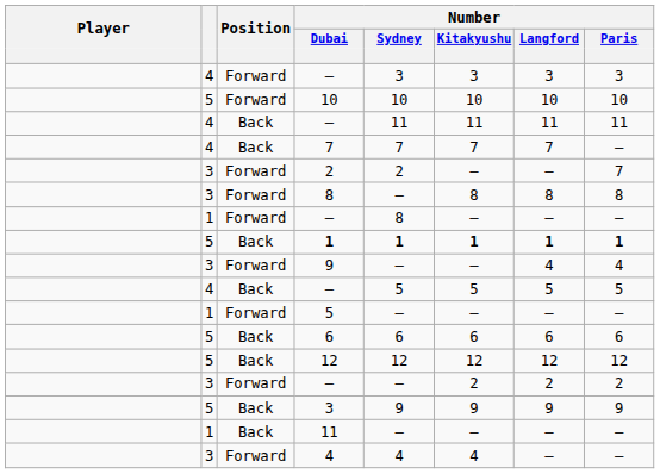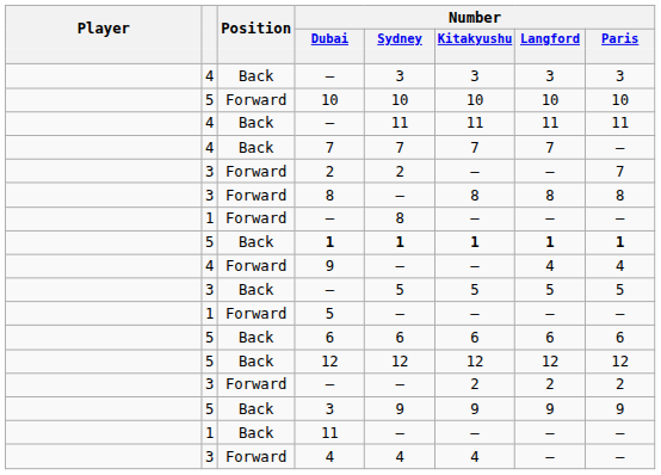 <table class="wikitable sortable" style="text-align:center;">
 <tr>
 <th rowspan="2" style="border-bottom:0; width:13em;">Player</th>
 <th rowspan="2" style="border-bottom:0;"></th>
 <th rowspan="2" style="border-bottom:0;">Position</th>
 <th colspan=5>Number</th>
 </tr>
 <tr>
 <th style="vertical-align:top; width:5.2em; border-bottom:0; padding:2px; font-size:85%;"><a href='#'>Dubai</a></th>
 <th style="vertical-align:top; width:5.2em; border-bottom:0; padding:2px; font-size:85%;"><a href='#'>Sydney</a></th>
 <th style="vertical-align:top; width:5.2em; border-bottom:0; padding:2px; font-size:85%;"><a href='#'>Kitakyushu</a></th>
 <th style="vertical-align:top; width:5.2em; border-bottom:0; padding:2px; font-size:85%;"><a href='#'>Langford</a></th>
 <th style="vertical-align:top; width:5.2em; border-bottom:0; padding:2px; font-size:85%;"><a href='#'>Paris</a></th>
 </tr>
 <tr style="line-height:8px;">
 <th style="border-top:0;"> </th>
 <th style="border-top:0;"></th>
 <th style="border-top:0;"></th>
 <th data-sort-type="number" style="border-top:0;"></th>
 <th data-sort-type="number" style="border-top:0;"></th>
 <th data-sort-type="number" style="border-top:0;"></th>
 <th data-sort-type="number" style="border-top:0;"></th>
 <th data-sort-type="number" style="border-top:0;"></th>
 </tr>
 <tr>
 <td align=left></td>
 <td>4</td>
-<td>Forward</td>
+<td>Back</td>
 <td>–</td>
 <td>3</td>
 <td>3</td>
 <td>3</td>
 <td>3</td>
 </tr>
 <tr>
 <td align=left></td>
 <td>5</td>
 <td>Forward</td>
 <td>10</td>
 <td>10</td>
 <td>10</td>
 <td>10</td>
 <td>10</td>
 </tr>
 <tr>
 <td align=left></td>
 <td>4</td>
 <td>Back</td>
 <td>–</td>
 <td>11</td>
 <td>11</td>
 <td>11</td>
 <td>11</td>
 </tr>
 <tr>
 <td align=left></td>
 <td>4</td>
 <td>Back</td>
 <td>7</td>
 <td>7</td>
 <td>7</td>
 <td>7</td>
 <td>–</td>
 </tr>
 <tr>
 <td align=left></td>
 <td>3</td>
 <td>Forward</td>
 <td>2</td>
 <td>2</td>
 <td>–</td>
 <td>–</td>
 <td>7</td>
 </tr>
 <tr>
 <td align=left></td>
 <td>3</td>
 <td>Forward</td>
 <td>8</td>
 <td>–</td>
 <td>8</td>
 <td>8</td>
 <td>8</td>
 </tr>
 <tr>
 <td align=left></td>
 <td>1</td>
 <td>Forward</td>
 <td>–</td>
 <td>8</td>
 <td>–</td>
 <td>–</td>
 <td>–</td>
 </tr>
 <tr>
 <td align=left></td>
 <td>5</td>
 <td>Back</td>
 <td><strong>1</strong></td>
 <td><strong>1</strong></td>
 <td><strong>1</strong></td>
 <td><strong>1</strong></td>
 <td><strong>1</strong></td>
 </tr>
 <tr>
 <td align=left></td>
-<td>3</td>
+<td>4</td>
 <td>Forward</td>
 <td>9</td>
 <td>–</td>
 <td>–</td>
 <td>4</td>
 <td>4</td>
 </tr>
 <tr>
 <td align=left></td>
-<td>4</td>
+<td>3</td>
 <td>Back</td>
 <td>–</td>
 <td>5</td>
 <td>5</td>
 <td>5</td>
 <td>5</td>
 </tr>
 <tr>
 <td align=left></td>
 <td>1</td>
 <td>Forward</td>
 <td>5</td>
 <td>–</td>
 <td>–</td>
 <td>–</td>
 <td>–</td>
 </tr>
 <tr>
 <td align=left></td>
 <td>5</td>
 <td>Back</td>
 <td>6</td>
 <td>6</td>
 <td>6</td>
 <td>6</td>
 <td>6</td>
 </tr>
 <tr>
 <td align=left></td>
 <td>5</td>
 <td>Back</td>
 <td>12</td>
 <td>12</td>
 <td>12</td>
 <td>12</td>
 <td>12</td>
 </tr>
 <tr>
 <td align=left></td>
 <td>3</td>
 <td>Forward</td>
 <td>–</td>
 <td>–</td>
 <td>2</td>
 <td>2</td>
 <td>2</td>
 </tr>
 <tr>
 <td align=left></td>
 <td>5</td>
 <td>Back</td>
 <td>3</td>
 <td>9</td>
 <td>9</td>
 <td>9</td>
 <td>9</td>
 </tr>
 <tr>
 <td align=left></td>
 <td>1</td>
 <td>Back</td>
 <td>11</td>
 <td>–</td>
 <td>–</td>
 <td>–</td>
 <td>–</td>
 </tr>
 <tr>
 <td align=left></td>
 <td>3</td>
 <td>Forward</td>
 <td>4</td>
 <td>4</td>
 <td>4</td>
 <td>–</td>
 <td>–</td>
 </tr>
 </table>
